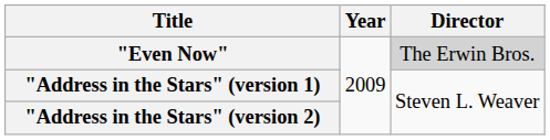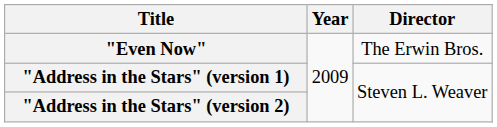 <table class="wikitable plainrowheaders" style="text-align:center;">
 <tr>
 <th scope="col" style="width:16em;">Title</th>
 <th scope="col">Year</th>
 <th scope="col">Director</th>
 </tr>
 <tr>
 <th scope="row">"Even Now"</th>
 <td rowspan="3">2009</td>
-<td style="background: lightgrey;">The Erwin Bros.</td>
+<td>The Erwin Bros.</td>
 </tr>
 <tr>
 <th scope="row">"Address in the Stars" (version 1)</th>
 <td rowspan="2">Steven L. Weaver</td>
 </tr>
 <tr>
 <th scope="row">"Address in the Stars" (version 2)</th>
 </tr>
 </table>
